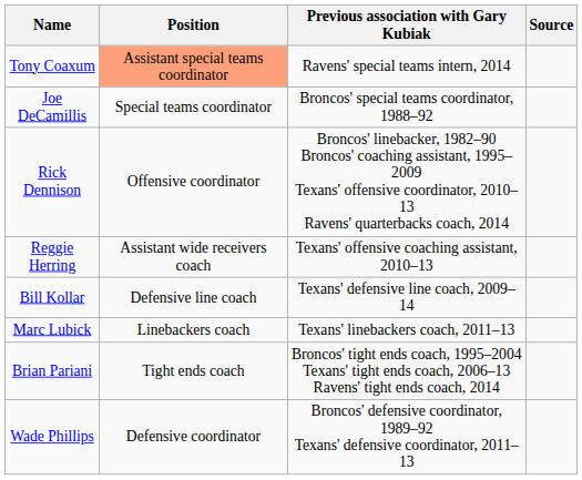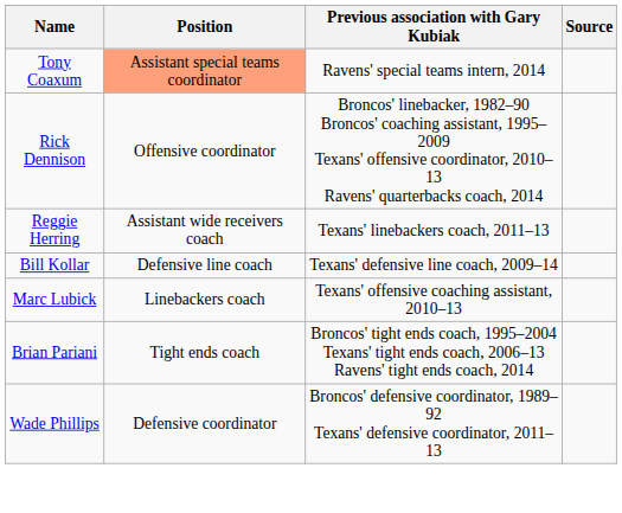 <table class="wikitable" style="text-align:center">
 <tr>
 <th>Name</th>
 <th>Position</th>
 <th>Previous association with Gary Kubiak</th>
 <th>Source</th>
 </tr>
 <tr>
 <td><a href='#'>Tony Coaxum</a></td>
 <td style="background: lightsalmon;">Assistant special teams coordinator</td>
 <td>Ravens' special teams intern, 2014</td>
 <td></td>
 </tr>
 <tr>
-<td><a href='#'>Joe DeCamillis</a></td>
-<td>Special teams coordinator</td>
-<td>Broncos' special teams coordinator, 1988–92</td>
-<td></td>
-</tr>
-<tr>
 <td><a href='#'>Rick Dennison</a></td>
 <td>Offensive coordinator</td>
 <td>Broncos' linebacker, 1982–90<br>Broncos' coaching assistant, 1995–2009<br>Texans' offensive coordinator, 2010–13<br>Ravens' quarterbacks coach, 2014</td>
 <td></td>
 </tr>
 <tr>
 <td><a href='#'>Reggie Herring</a></td>
 <td>Assistant wide receivers coach</td>
-<td>Texans' offensive coaching assistant, 2010–13</td>
+<td>Texans' linebackers coach, 2011–13</td>
 <td></td>
 </tr>
 <tr>
 <td><a href='#'>Bill Kollar</a></td>
 <td>Defensive line coach</td>
 <td>Texans' defensive line coach, 2009–14</td>
 <td></td>
 </tr>
 <tr>
 <td><a href='#'>Marc Lubick</a></td>
 <td>Linebackers coach</td>
-<td>Texans' linebackers coach, 2011–13</td>
+<td>Texans' offensive coaching assistant, 2010–13</td>
 <td></td>
 </tr>
 <tr>
 <td><a href='#'>Brian Pariani</a></td>
 <td>Tight ends coach</td>
 <td>Broncos' tight ends coach, 1995–2004<br>Texans' tight ends coach, 2006–13<br>Ravens' tight ends coach, 2014</td>
 <td></td>
 </tr>
 <tr>
 <td><a href='#'>Wade Phillips</a></td>
 <td>Defensive coordinator</td>
 <td>Broncos' defensive coordinator, 1989–92<br>Texans' defensive coordinator, 2011–13</td>
 <td></td>
 </tr>
 </table>
